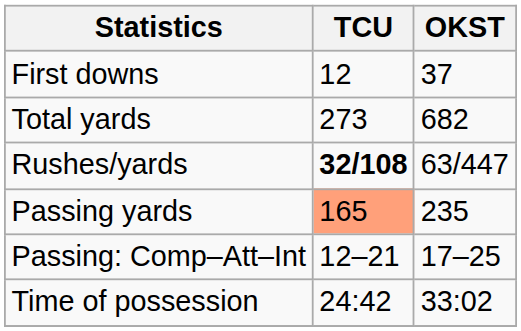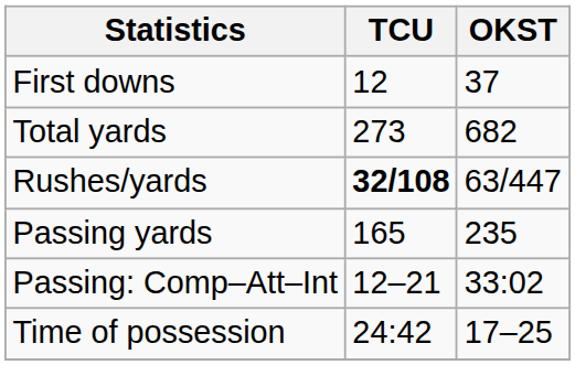 <table class="wikitable" style="float: left;">
 <tr>
 <th>Statistics</th>
 <th>TCU</th>
 <th>OKST</th>
 </tr>
 <tr>
 <td>First downs</td>
 <td>12</td>
 <td>37</td>
 </tr>
 <tr>
 <td>Total yards</td>
 <td>273</td>
 <td>682</td>
 </tr>
 <tr>
 <td>Rushes/yards</td>
 <td><strong>32/108</strong></td>
 <td>63/447</td>
 </tr>
 <tr>
 <td>Passing yards</td>
-<td style="background: lightsalmon;">165</td>
+<td>165</td>
 <td>235</td>
 </tr>
 <tr>
 <td>Passing: Comp–Att–Int</td>
 <td>12–21</td>
-<td>17–25</td>
+<td>33:02</td>
 </tr>
 <tr>
 <td>Time of possession</td>
 <td>24:42</td>
-<td>33:02</td>
+<td>17–25</td>
 </tr>
 <tr>
 </tr>
 </table>
